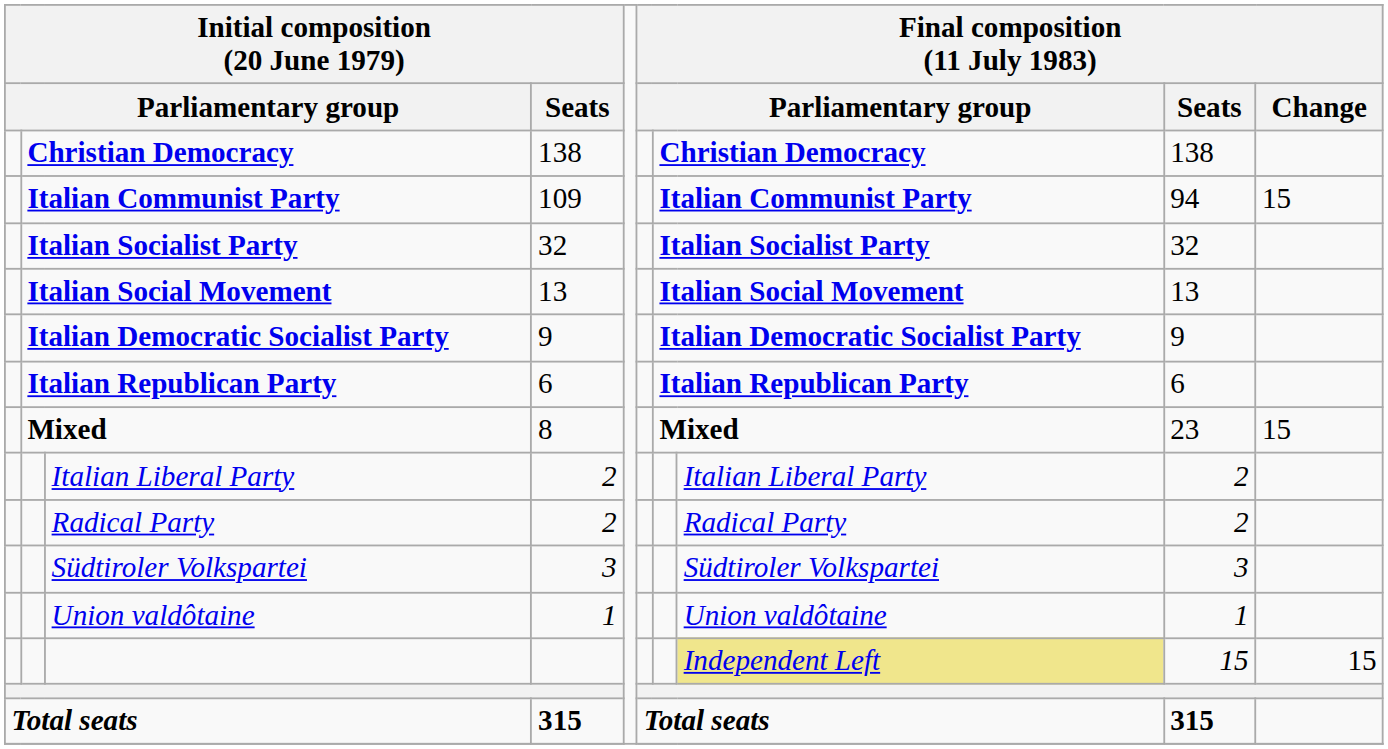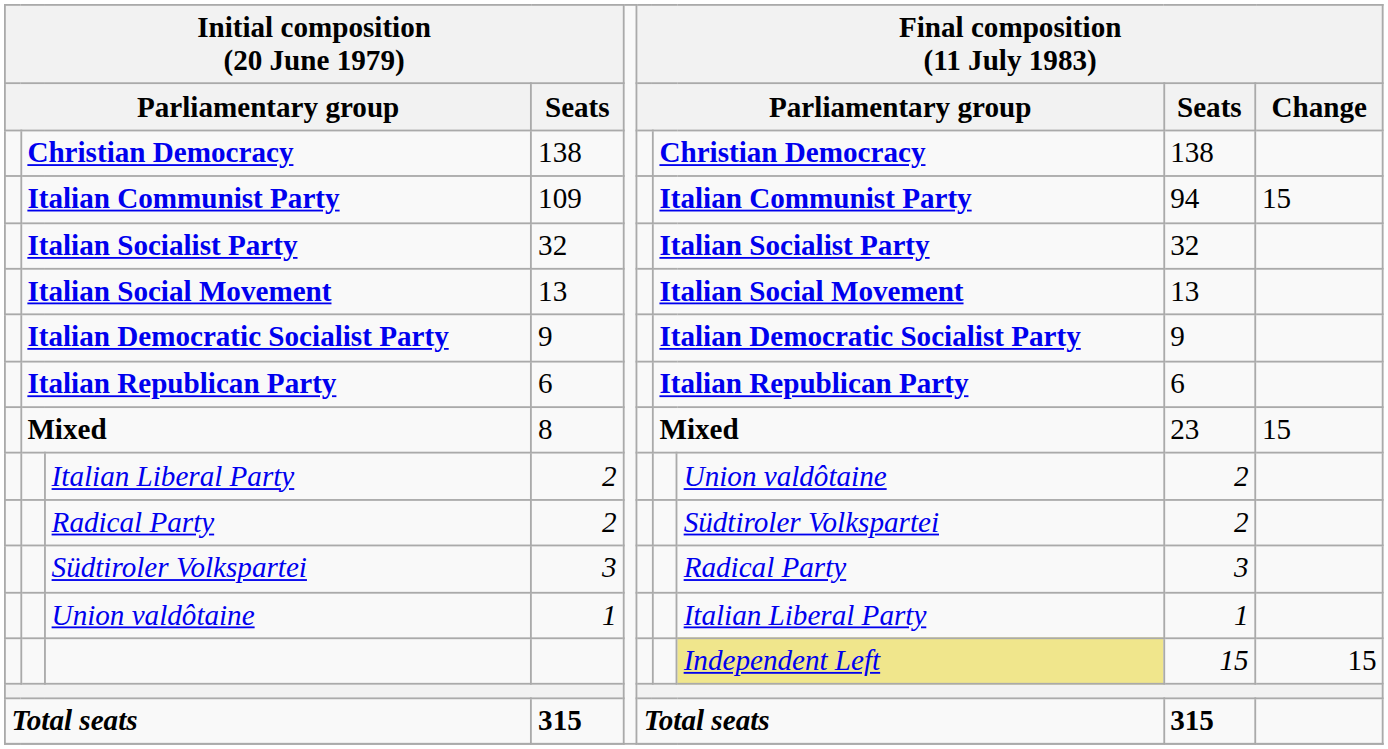 <table class="wikitable" style="width : 60%;">
 <tr>
 <th colspan="4">Initial composition<br>(20 June 1979)</th>
 <td rowspan="30" style="width : 1%;"></td>
 <th colspan="5">Final composition<br>(11 July 1983)</th>
 </tr>
 <tr>
 <th colspan="3">Parliamentary group</th>
 <th>Seats</th>
 <th colspan="3">Parliamentary group</th>
 <th>Seats</th>
 <th>Change</th>
 </tr>
 <tr>
 <td></td>
 <td colspan = "2"><strong><a href='#'>Christian Democracy</a></strong></td>
 <td>138</td>
 <td></td>
 <td colspan = "2"><strong><a href='#'>Christian Democracy</a></strong></td>
 <td>138</td>
 <td></td>
 </tr>
 <tr>
 <td></td>
 <td colspan = "2"><strong><a href='#'>Italian Communist Party</a></strong></td>
 <td>109</td>
 <td></td>
 <td colspan = "2"><strong><a href='#'>Italian Communist Party</a></strong></td>
 <td>94</td>
 <td> 15</td>
 </tr>
 <tr>
 <td></td>
 <td colspan = "2"><strong><a href='#'>Italian Socialist Party</a></strong></td>
 <td>32</td>
 <td></td>
 <td colspan = "2"><strong><a href='#'>Italian Socialist Party</a></strong></td>
 <td>32</td>
 <td></td>
 </tr>
 <tr>
 <td></td>
 <td colspan = "2"><strong><a href='#'>Italian Social Movement</a></strong></td>
 <td>13</td>
 <td></td>
 <td colspan = "2"><strong><a href='#'>Italian Social Movement</a></strong></td>
 <td>13</td>
 <td></td>
 </tr>
 <tr>
 <td></td>
 <td colspan = "2"><strong><a href='#'>Italian Democratic Socialist Party</a></strong></td>
 <td>9</td>
 <td></td>
 <td colspan = "2"><strong><a href='#'>Italian Democratic Socialist Party</a></strong></td>
 <td>9</td>
 <td></td>
 </tr>
 <tr>
 <td></td>
 <td colspan="2"><strong><a href='#'>Italian Republican Party</a></strong></td>
 <td>6</td>
 <td></td>
 <td colspan="2"><strong><a href='#'>Italian Republican Party</a></strong></td>
 <td>6</td>
 <td></td>
 </tr>
 <tr>
 <td></td>
 <td colspan = "2"><strong>Mixed</strong></td>
 <td>8</td>
 <td></td>
 <td colspan = "2"><strong>Mixed</strong></td>
 <td>23</td>
 <td> 15</td>
 </tr>
 <tr>
 <td></td>
 <td></td>
 <td><em><a href='#'>Italian Liberal Party</a></em></td>
 <td align="right"><em>2</em></td>
 <td></td>
 <td></td>
-<td><em><a href='#'>Italian Liberal Party</a></em></td>
+<td><em><a href='#'>Union valdôtaine</a></em></td>
 <td align="right"><em>2</em></td>
 <td align="right"></td>
 </tr>
 <tr>
 <td></td>
 <td></td>
 <td><em><a href='#'>Radical Party</a></em></td>
 <td align="right"><em>2</em></td>
 <td></td>
 <td></td>
-<td><em><a href='#'>Radical Party</a></em></td>
+<td><em><a href='#'>Südtiroler Volkspartei</a></em></td>
 <td align="right"><em>2</em></td>
 <td align="right"></td>
 </tr>
 <tr>
 <td></td>
 <td></td>
 <td><em><a href='#'>Südtiroler Volkspartei</a></em></td>
 <td align="right"><em>3</em></td>
 <td></td>
 <td></td>
-<td><em><a href='#'>Südtiroler Volkspartei</a></em></td>
+<td><em><a href='#'>Radical Party</a></em></td>
 <td align="right"><em>3</em></td>
 <td align="right"></td>
 </tr>
 <tr>
 <td></td>
 <td></td>
 <td><em><a href='#'>Union valdôtaine</a></em></td>
 <td align="right"><em>1</em></td>
 <td></td>
 <td></td>
-<td><em><a href='#'>Union valdôtaine</a></em></td>
+<td><em><a href='#'>Italian Liberal Party</a></em></td>
 <td align="right"><em>1</em></td>
 <td align="right"></td>
 </tr>
 <tr>
 <td></td>
 <td></td>
 <td></td>
 <td></td>
 <td></td>
 <td></td>
 <td style="background: khaki;"><em><a href='#'>Independent Left</a></em></td>
 <td align="right"><em>15</em></td>
 <td align="right"> 15</td>
 </tr>
 <tr>
 <th colspan="4"></th>
 <th colspan="5"></th>
 </tr>
 <tr>
 <td colspan="3"><strong><em>Total seats</em></strong></td>
 <td><strong>315</strong></td>
 <td colspan="3"><strong><em>Total seats</em></strong></td>
 <td><strong>315</strong></td>
 <td></td>
 </tr>
 <tr>
 </tr>
 </table>
